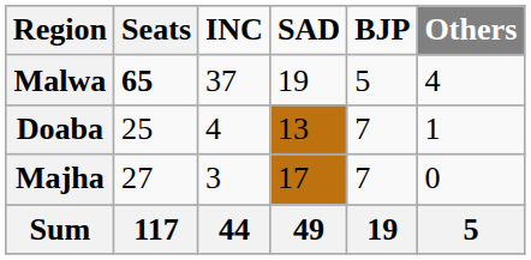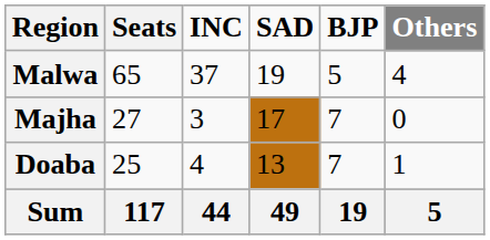 <table class="wikitable sortable">
 <tr>
 <th>Region</th>
 <th>Seats</th>
 <td style="background: "><strong>INC</strong></td>
 <td style="background: "><span><strong>SAD</strong></span></td>
 <td style="text-align:center; background:"><strong>BJP</strong></td>
 <td style="background:grey;color:white"><strong>Others</strong></td>
 </tr>
 <tr>
 <th>Malwa</th>
-<td><strong>65</strong></td>
+<td>65</td>
 <td>37</td>
 <td>19</td>
 <td>5</td>
 <td>4</td>
+</tr>
+<tr>
+<th>Majha</th>
+<td>27</td>
+<td>3</td>
+<td bgcolor="#BD710F">17</td>
+<td>7</td>
+<td>0</td>
 </tr>
 <tr>
 <th>Doaba</th>
 <td>25</td>
 <td>4</td>
 <td bgcolor="#BD710F">13</td>
 <td>7</td>
 <td>1</td>
 </tr>
 <tr>
-<th>Majha</th>
-<td>27</td>
-<td>3</td>
-<td bgcolor="#BD710F">17</td>
-<td>7</td>
-<td>0</td>
-</tr>
-<tr>
 <th>Sum</th>
 <th>117</th>
 <th>44</th>
 <th bgcolor="#BD710F">49</th>
 <th>19</th>
 <th>5</th>
 </tr>
 </table>
